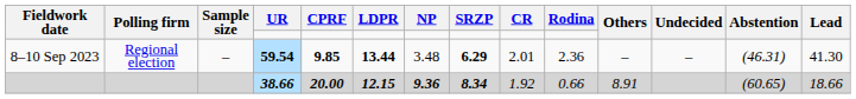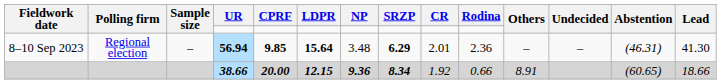 <table class=wikitable style="font-size:95%; line-height:14px; text-align:center">
 <tr>
 <th style=width:120px; rowspan=2>Fieldwork date</th>
 <th style=width:120px; rowspan=2>Polling firm</th>
 <th style=width:50px; rowspan=2>Sample<br>size</th>
 <th style="width:50px;"><a href='#'>UR</a></th>
 <th style="width:50px;"><a href='#'>CPRF</a></th>
 <th style="width:50px;"><a href='#'>LDPR</a></th>
 <th style="width:50px;"><a href='#'>NP</a></th>
 <th style="width:50px;"><a href='#'>SRZP</a></th>
 <th style="width:50px;"><a href='#'>CR</a></th>
 <th style="width:50px;"><a href='#'>Rodina</a></th>
 <th style="width:50px;" rowspan=2>Others</th>
 <th style="width:50px;" rowspan=2>Undecided</th>
 <th style="width:50px;" rowspan=2>Abstention</th>
 <th style="width:50px;" rowspan="2">Lead</th>
 </tr>
 <tr>
 <td bgcolor=></td>
 <td bgcolor=></td>
 <td bgcolor=></td>
 <td bgcolor=></td>
 <td bgcolor=></td>
 <td bgcolor=></td>
 <td bgcolor=></td>
 </tr>
 <tr>
 <td>8–10 Sep 2023</td>
 <td><a href='#'>Regional election</a></td>
 <td>–</td>
-<td style="background:#B3E0FF"><strong>59.54</strong></td>
+<td style="background:#B3E0FF"><strong>56.94</strong></td>
 <td><strong>9.85</strong></td>
-<td><strong>13.44</strong></td>
+<td><strong>15.64</strong></td>
 <td>3.48</td>
 <td><strong>6.29</strong></td>
 <td>2.01</td>
 <td>2.36</td>
 <td>–</td>
 <td>–</td>
 <td><em>(46.31)</em></td>
 <td style="background:">41.30</td>
 </tr>
 <tr style="background:#D5D5D5">
 <td></td>
 <td></td>
 <td></td>
 <td style="background:#B3E0FF"><strong><em>38.66</em></strong></td>
 <td><strong><em>20.00</em></strong></td>
 <td><strong><em>12.15</em></strong></td>
 <td><strong><em>9.36</em></strong></td>
 <td><strong><em>8.34</em></strong></td>
 <td><em>1.92</em></td>
 <td><em>0.66</em></td>
 <td><em>8.91</em></td>
 <td></td>
 <td><em>(60.65)</em></td>
 <td style="background:"><em>18.66</em></td>
 </tr>
 </table>
